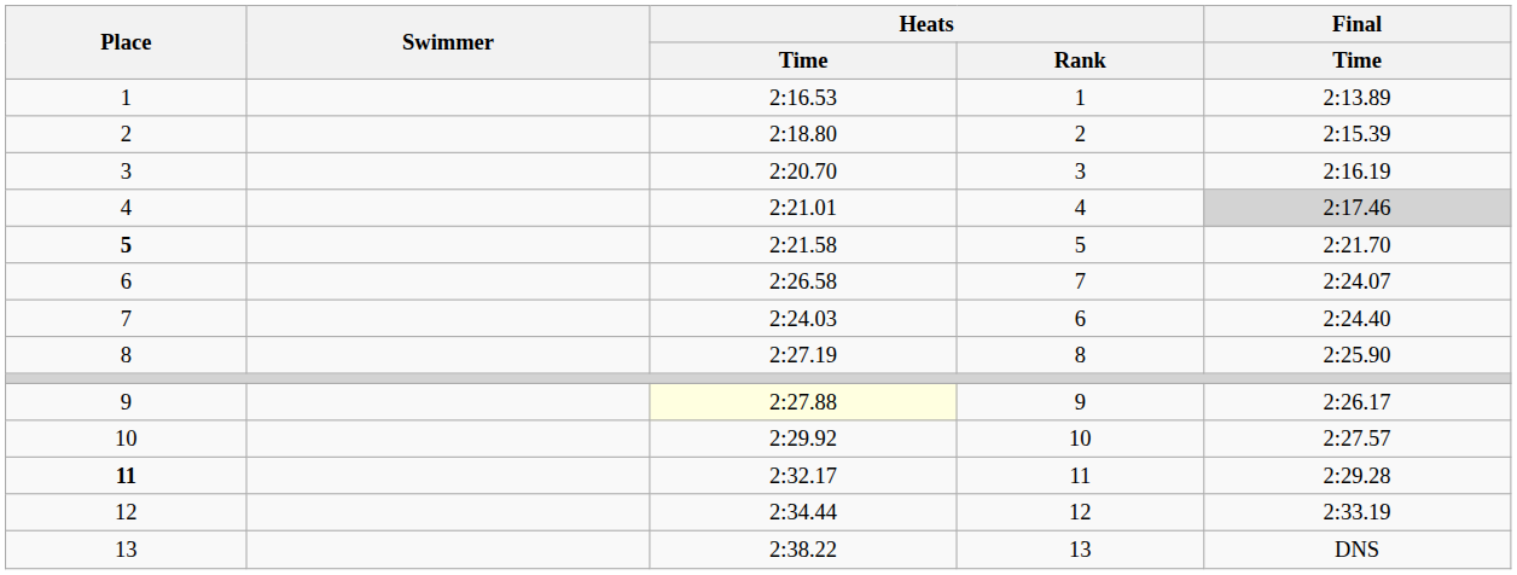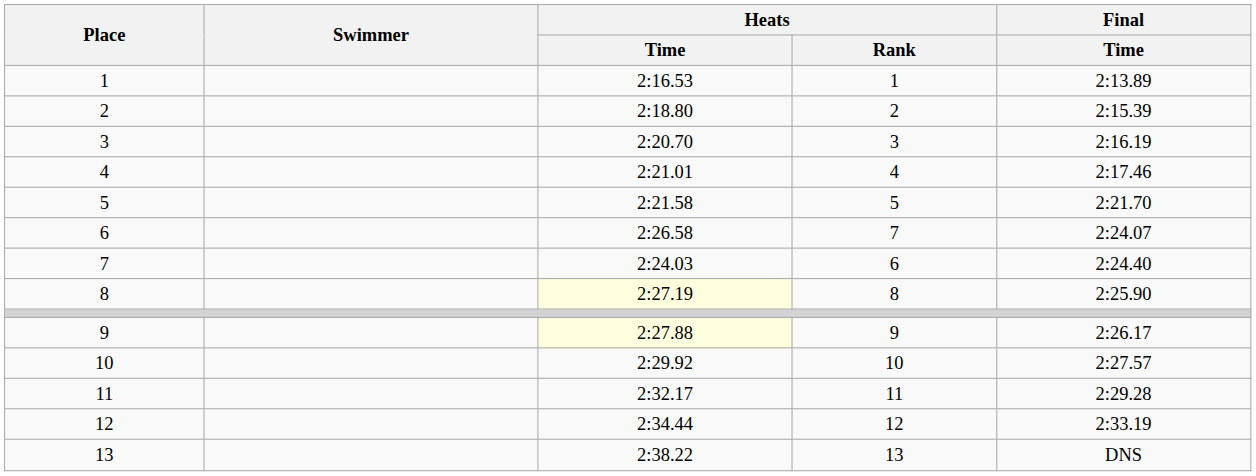 <table class="wikitable" style=" text-align:center; font-size:110%;" width="75%">
 <tr>
 <th rowspan="2">Place</th>
 <th rowspan="2">Swimmer</th>
 <th colspan="2">Heats</th>
 <th>Final</th>
 </tr>
 <tr>
 <th>Time</th>
 <th>Rank</th>
 <th>Time</th>
 </tr>
 <tr>
 <td>1</td>
 <td align="left"></td>
 <td>2:16.53</td>
 <td>1</td>
 <td>2:13.89</td>
 </tr>
 <tr>
 <td>2</td>
 <td align=left></td>
 <td>2:18.80</td>
 <td>2</td>
 <td>2:15.39</td>
 </tr>
 <tr>
 <td>3</td>
 <td align=left></td>
 <td>2:20.70</td>
 <td>3</td>
 <td>2:16.19</td>
 </tr>
 <tr>
 <td>4</td>
 <td align=left></td>
 <td>2:21.01</td>
 <td>4</td>
-<td style="background: lightgrey;">2:17.46</td>
+<td>2:17.46</td>
 </tr>
 <tr>
-<td><strong>5</strong></td>
+<td>5</td>
 <td align=left></td>
 <td>2:21.58</td>
 <td>5</td>
 <td>2:21.70</td>
 </tr>
 <tr>
 <td>6</td>
 <td align=left></td>
 <td>2:26.58</td>
 <td>7</td>
 <td>2:24.07</td>
 </tr>
 <tr>
 <td>7</td>
 <td align=left></td>
 <td>2:24.03</td>
 <td>6</td>
 <td>2:24.40</td>
 </tr>
 <tr>
 <td>8</td>
 <td align=left></td>
-<td>2:27.19</td>
+<td style="background: lightyellow;">2:27.19</td>
 <td>8</td>
 <td>2:25.90</td>
 </tr>
 <tr>
 <td colspan=5 bgcolor=lightgray></td>
 </tr>
 <tr>
 <td>9</td>
 <td align="left"></td>
 <td style="background: lightyellow;">2:27.88</td>
 <td>9</td>
 <td>2:26.17</td>
 </tr>
 <tr>
 <td>10</td>
 <td align="left"></td>
 <td>2:29.92</td>
 <td>10</td>
 <td>2:27.57</td>
 </tr>
 <tr>
-<td><strong>11</strong></td>
+<td>11</td>
 <td align="left"></td>
 <td>2:32.17</td>
 <td>11</td>
 <td>2:29.28</td>
 </tr>
 <tr>
 <td>12</td>
 <td align="left"></td>
 <td>2:34.44</td>
 <td>12</td>
 <td>2:33.19</td>
 </tr>
 <tr>
 <td>13</td>
 <td align="left"></td>
 <td>2:38.22</td>
 <td>13</td>
 <td>DNS</td>
 </tr>
 </table>
